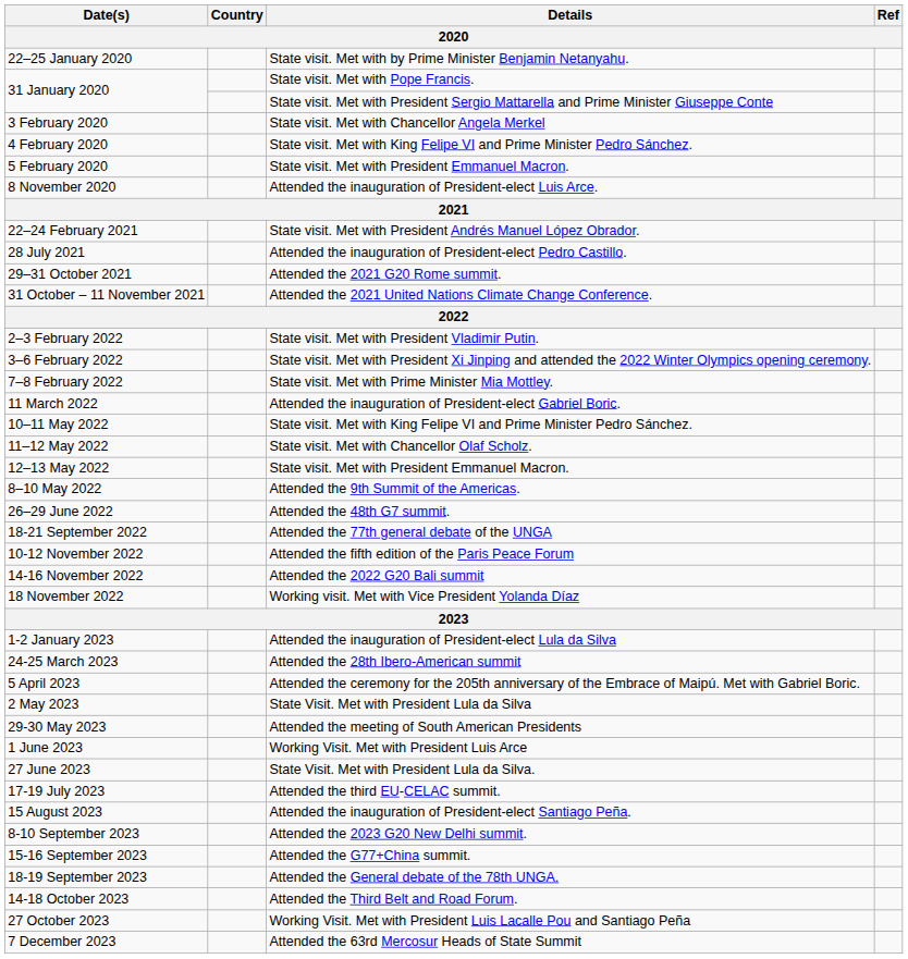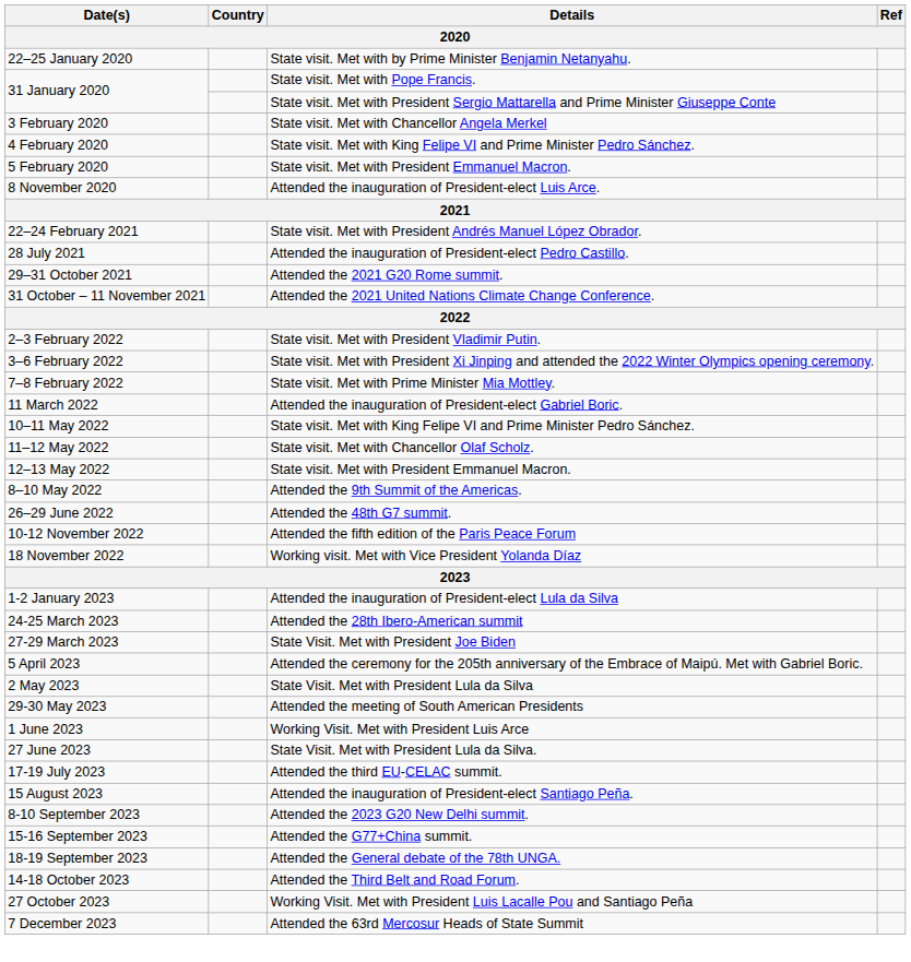 <table class="wikitable">
 <tr>
 <th>Date(s)</th>
 <th>Country</th>
 <th>Details</th>
 <th>Ref</th>
 </tr>
 <tr>
 <th colspan="4">2020</th>
 </tr>
 <tr>
 <td>22–25 January 2020</td>
 <td></td>
 <td>State visit. Met with by Prime Minister <a href='#'>Benjamin Netanyahu</a>.</td>
 <td></td>
 </tr>
 <tr>
 <td rowspan="2">31 January 2020</td>
 <td></td>
 <td>State visit. Met with <a href='#'>Pope Francis</a>.</td>
 <td></td>
 </tr>
 <tr>
 <td></td>
 <td>State visit. Met with President <a href='#'>Sergio Mattarella</a> and Prime Minister <a href='#'>Giuseppe Conte</a></td>
 <td></td>
 </tr>
 <tr>
 <td>3 February 2020</td>
 <td></td>
 <td>State visit. Met with Chancellor <a href='#'>Angela Merkel</a></td>
 <td></td>
 </tr>
 <tr>
 <td>4 February 2020</td>
 <td></td>
 <td>State visit. Met with King <a href='#'>Felipe VI</a> and Prime Minister <a href='#'>Pedro Sánchez</a>.</td>
 <td></td>
 </tr>
 <tr>
 <td>5 February 2020</td>
 <td></td>
 <td>State visit. Met with President <a href='#'>Emmanuel Macron</a>.</td>
 <td></td>
 </tr>
 <tr>
 <td>8 November 2020</td>
 <td></td>
 <td>Attended the inauguration of President-elect <a href='#'>Luis Arce</a>.</td>
 <td></td>
 </tr>
 <tr>
 <th colspan="4">2021</th>
 </tr>
 <tr>
 <td>22–24 February 2021</td>
 <td></td>
 <td>State visit. Met with President <a href='#'>Andrés Manuel López Obrador</a>.</td>
 <td></td>
 </tr>
 <tr>
 <td>28 July 2021</td>
 <td></td>
 <td>Attended the inauguration of President-elect <a href='#'>Pedro Castillo</a>.</td>
 <td></td>
 </tr>
 <tr>
 <td>29–31 October 2021</td>
 <td></td>
 <td>Attended the <a href='#'>2021 G20 Rome summit</a>.</td>
 <td></td>
 </tr>
 <tr>
 <td>31 October – 11 November 2021</td>
 <td></td>
 <td>Attended the <a href='#'>2021 United Nations Climate Change Conference</a>.</td>
 <td></td>
 </tr>
 <tr>
 <th colspan="4">2022</th>
 </tr>
 <tr>
 <td>2–3 February 2022</td>
 <td></td>
 <td>State visit. Met with President <a href='#'>Vladimir Putin</a>.</td>
 <td></td>
 </tr>
 <tr>
 <td>3–6 February 2022</td>
 <td></td>
 <td>State visit. Met with President <a href='#'>Xi Jinping</a> and attended the <a href='#'>2022 Winter Olympics opening ceremony</a>.</td>
 <td></td>
 </tr>
 <tr>
 <td>7–8 February 2022</td>
 <td></td>
 <td>State visit. Met with Prime Minister <a href='#'>Mia Mottley</a>.</td>
 <td></td>
 </tr>
 <tr>
 <td>11 March 2022</td>
 <td></td>
 <td>Attended the inauguration of President-elect <a href='#'>Gabriel Boric</a>.</td>
 <td></td>
 </tr>
 <tr>
 <td>10–11 May 2022</td>
 <td></td>
 <td>State visit. Met with King Felipe VI and Prime Minister Pedro Sánchez.</td>
 <td></td>
 </tr>
 <tr>
 <td>11–12 May 2022</td>
 <td></td>
 <td>State visit. Met with Chancellor <a href='#'>Olaf Scholz</a>.</td>
 <td></td>
 </tr>
 <tr>
 <td>12–13 May 2022</td>
 <td></td>
 <td>State visit. Met with President Emmanuel Macron.</td>
 <td></td>
 </tr>
 <tr>
 <td>8–10 May 2022</td>
 <td></td>
 <td>Attended the <a href='#'>9th Summit of the Americas</a>.</td>
 <td></td>
 </tr>
 <tr>
 <td>26–29 June 2022</td>
 <td></td>
 <td>Attended the <a href='#'>48th G7 summit</a>.</td>
 <td></td>
 </tr>
 <tr>
-<td>18-21 September 2022</td>
-<td></td>
-<td>Attended the <a href='#'>77th general debate</a> of the <a href='#'>UNGA</a></td>
-<td></td>
-</tr>
-<tr>
 <td>10-12 November 2022</td>
 <td></td>
 <td>Attended the fifth edition of the <a href='#'>Paris Peace Forum</a></td>
-<td></td>
-</tr>
-<tr>
-<td>14-16 November 2022</td>
-<td></td>
-<td>Attended the <a href='#'>2022 G20 Bali summit</a></td>
 <td></td>
 </tr>
 <tr>
 <td>18 November 2022</td>
 <td></td>
 <td>Working visit. Met with Vice President <a href='#'>Yolanda Díaz</a></td>
 <td></td>
 </tr>
 <tr>
 <th colspan="4">2023</th>
 </tr>
 <tr>
 <td>1-2 January 2023</td>
 <td></td>
 <td>Attended the inauguration of President-elect <a href='#'>Lula da Silva</a></td>
 <td></td>
 </tr>
 <tr>
 <td>24-25 March 2023</td>
 <td></td>
 <td>Attended the <a href='#'>28th Ibero-American summit</a></td>
+<td></td>
+</tr>
+<tr>
+<td>27-29 March 2023</td>
+<td></td>
+<td>State Visit. Met with President <a href='#'>Joe Biden</a></td>
 <td></td>
 </tr>
 <tr>
 <td>5 April 2023</td>
 <td></td>
 <td>Attended the ceremony for the 205th anniversary of the Embrace of Maipú. Met with Gabriel Boric.</td>
 <td></td>
 </tr>
 <tr>
 <td>2 May 2023</td>
 <td></td>
 <td>State Visit. Met with President Lula da Silva</td>
 <td></td>
 </tr>
 <tr>
 <td>29-30 May 2023</td>
 <td></td>
 <td>Attended the meeting of South American Presidents</td>
 <td></td>
 </tr>
 <tr>
 <td>1 June 2023</td>
 <td></td>
 <td>Working Visit. Met with President Luis Arce</td>
 <td></td>
 </tr>
 <tr>
 <td>27 June 2023</td>
 <td></td>
 <td>State Visit. Met with President Lula da Silva.</td>
 <td></td>
 </tr>
 <tr>
 <td>17-19 July 2023</td>
 <td></td>
 <td>Attended the third <a href='#'>EU</a>-<a href='#'>CELAC</a> summit.</td>
 <td></td>
 </tr>
 <tr>
 <td>15 August 2023</td>
 <td></td>
 <td>Attended the inauguration of President-elect <a href='#'>Santiago Peña</a>.</td>
 <td></td>
 </tr>
 <tr>
 <td>8-10 September 2023</td>
 <td></td>
 <td>Attended the <a href='#'>2023 G20 New Delhi summit</a>.</td>
 <td></td>
 </tr>
 <tr>
 <td>15-16 September 2023</td>
 <td></td>
 <td>Attended the <a href='#'>G77+China</a> summit.</td>
 <td></td>
 </tr>
 <tr>
 <td>18-19 September 2023</td>
 <td></td>
 <td>Attended the <a href='#'>General debate of the 78th UNGA.</a></td>
 <td></td>
 </tr>
 <tr>
 <td>14-18 October 2023</td>
 <td></td>
 <td>Attended the <a href='#'>Third Belt and Road Forum</a>.</td>
 <td></td>
 </tr>
 <tr>
 <td>27 October 2023</td>
 <td></td>
 <td>Working Visit. Met with President <a href='#'>Luis Lacalle Pou</a> and Santiago Peña</td>
 <td></td>
 </tr>
 <tr>
 <td>7 December 2023</td>
 <td></td>
 <td>Attended the 63rd <a href='#'>Mercosur</a> Heads of State Summit</td>
 <td></td>
 </tr>
 </table>
